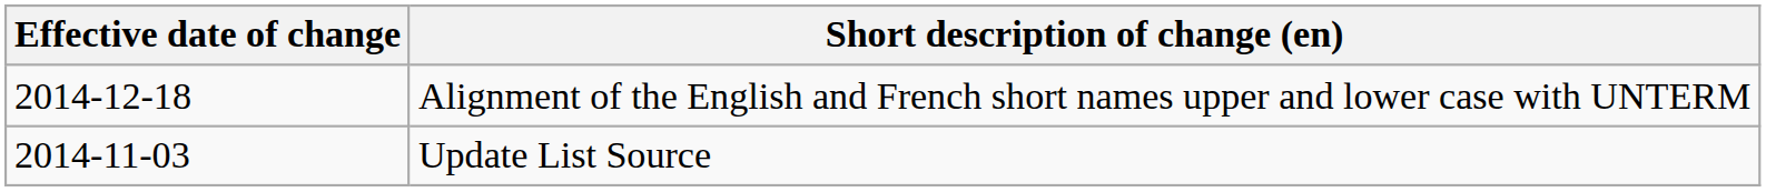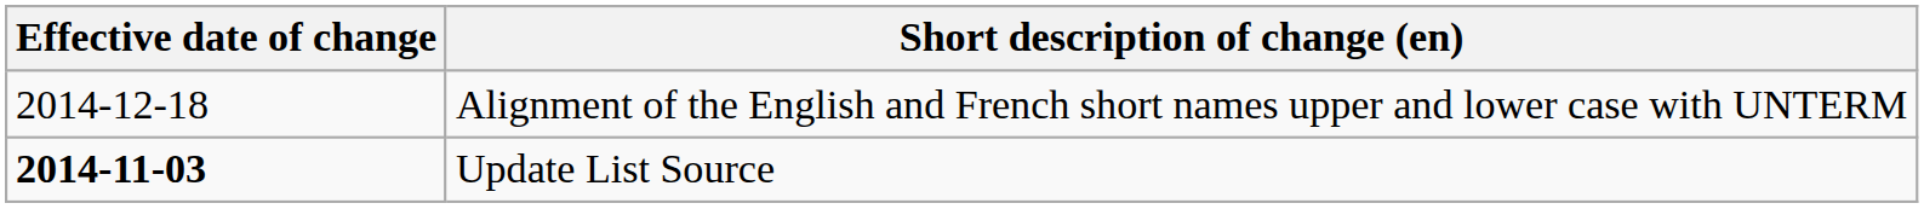 <table class="wikitable">
 <tr>
 <th>Effective date of change</th>
 <th>Short description of change (en)</th>
 </tr>
 <tr>
 <td>2014-12-18</td>
 <td>Alignment of the English and French short names upper and lower case with UNTERM</td>
 </tr>
 <tr>
-<td>2014-11-03</td>
+<td><strong>2014-11-03</strong></td>
 <td>Update List Source</td>
 </tr>
 </table>
